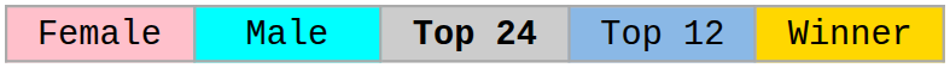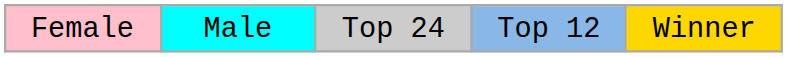 <table class="wikitable" style="margin:1em auto; text-align:center;">
 <tr>
 </tr>
 <tr>
 <td style="background:pink;" width="15%">Female</td>
 <td style="background:cyan;" width="15%">Male</td>
-<td style="background:#CCCCCC;" width="15%"><strong>Top 24</strong></td>
+<td style="background:#CCCCCC;" width="15%">Top 24</td>
 <td style="background:#8AB8E6" width="15%">Top 12</td>
 <td style="background:gold;" width="15%">Winner</td>
 </tr>
 </table>
